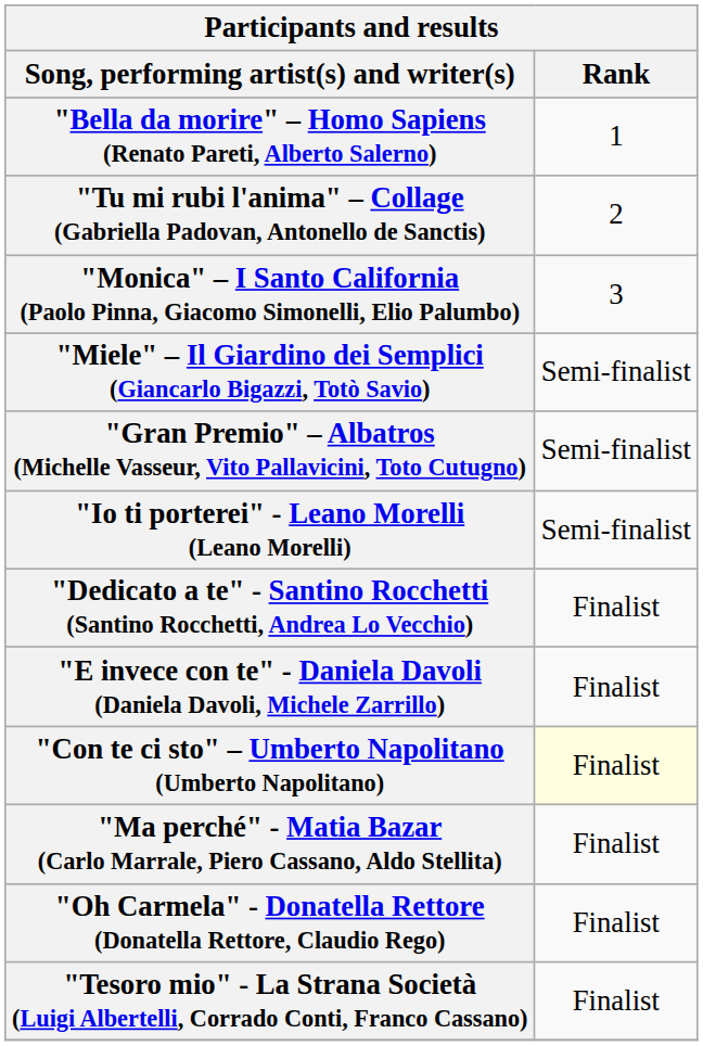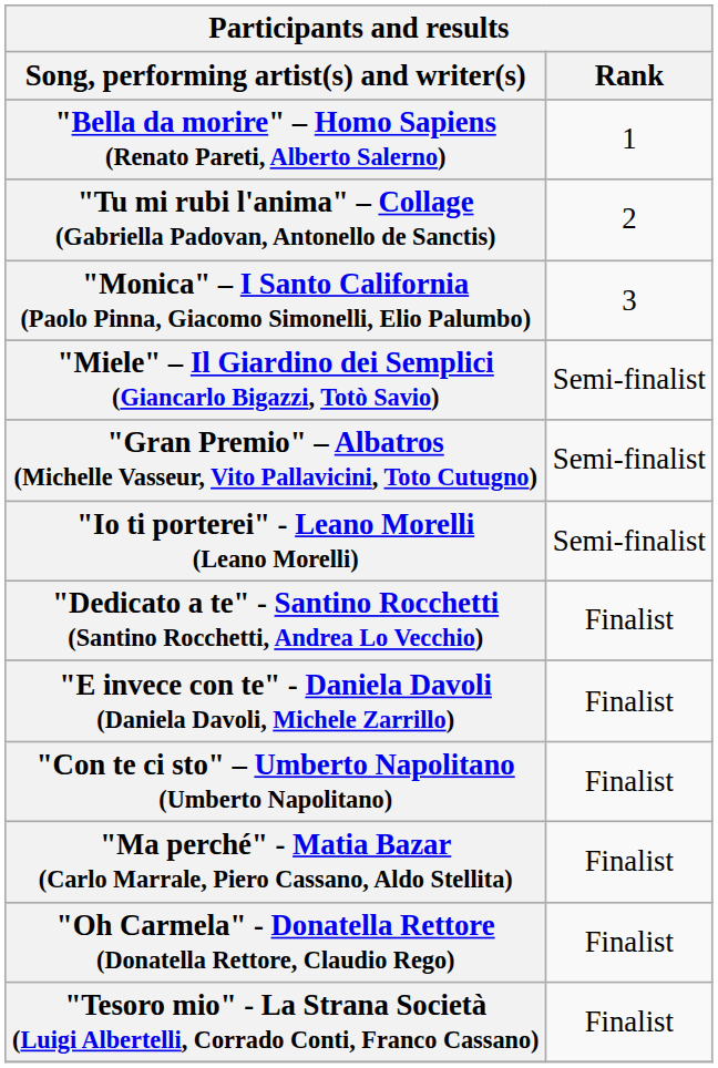 <table class="plainrowheaders wikitable">
 <tr>
 <th colspan="3">Participants and results</th>
 </tr>
 <tr>
 <th>Song, performing artist(s) and writer(s)</th>
 <th>Rank</th>
 </tr>
 <tr>
 <th scope="row">"<a href='#'>Bella da morire</a>" – <a href='#'>Homo Sapiens</a><br><small>(Renato Pareti, <a href='#'>Alberto Salerno</a>)</small></th>
 <td style="text-align:center;">1</td>
 </tr>
 <tr>
 <th scope="row">"Tu mi rubi l'anima" – <a href='#'>Collage</a><br><small>(Gabriella Padovan, Antonello de Sanctis)</small></th>
 <td style="text-align:center;">2</td>
 </tr>
 <tr>
 <th scope="row">"Monica" – <a href='#'>I Santo California</a><br><small>(Paolo Pinna, Giacomo Simonelli, Elio Palumbo)</small></th>
 <td style="text-align:center;">3</td>
 </tr>
 <tr>
 <th scope="row">"Miele" – <a href='#'>Il Giardino dei Semplici</a><br><small>(<a href='#'>Giancarlo Bigazzi</a>, <a href='#'>Totò Savio</a>)</small></th>
 <td style="text-align:center;">Semi-finalist</td>
 </tr>
 <tr>
 <th scope="row">"Gran Premio" – <a href='#'>Albatros</a><br><small>(Michelle Vasseur, <a href='#'>Vito Pallavicini</a>, <a href='#'>Toto Cutugno</a>)</small></th>
 <td style="text-align:center;">Semi-finalist</td>
 </tr>
 <tr>
 <th scope="row">"Io ti porterei" - <a href='#'>Leano Morelli</a><br><small>(Leano Morelli)</small></th>
 <td style="text-align:center;">Semi-finalist</td>
 </tr>
 <tr>
 <th scope="row">"Dedicato a te" - <a href='#'>Santino Rocchetti</a><br><small> (Santino Rocchetti, <a href='#'>Andrea Lo Vecchio</a>)</small></th>
 <td style="text-align:center;">Finalist</td>
 </tr>
 <tr>
 <th scope="row">"E invece con te" - <a href='#'>Daniela Davoli</a><br><small>(Daniela Davoli, <a href='#'>Michele Zarrillo</a>)</small></th>
 <td style="text-align:center;">Finalist</td>
 </tr>
 <tr>
 <th scope="row">"Con te ci sto" – <a href='#'>Umberto Napolitano</a><br><small>(Umberto Napolitano)</small></th>
-<td style="background: lightyellow; text-align:center;">Finalist</td>
+<td style="text-align:center;">Finalist</td>
 </tr>
 <tr>
 <th scope="row">"Ma perché" - <a href='#'>Matia Bazar</a><br><small>(Carlo Marrale, Piero Cassano, Aldo Stellita)</small></th>
 <td style="text-align:center;">Finalist</td>
 </tr>
 <tr>
 <th scope="row">"Oh Carmela" - <a href='#'>Donatella Rettore</a><br><small>(Donatella Rettore, Claudio Rego)</small></th>
 <td style="text-align:center;">Finalist</td>
 </tr>
 <tr>
 <th scope="row">"Tesoro mio" - La Strana Società<br><small>(<a href='#'>Luigi Albertelli</a>, Corrado Conti, Franco Cassano)</small></th>
 <td style="text-align:center;">Finalist</td>
 </tr>
 <tr>
 </tr>
 </table>
